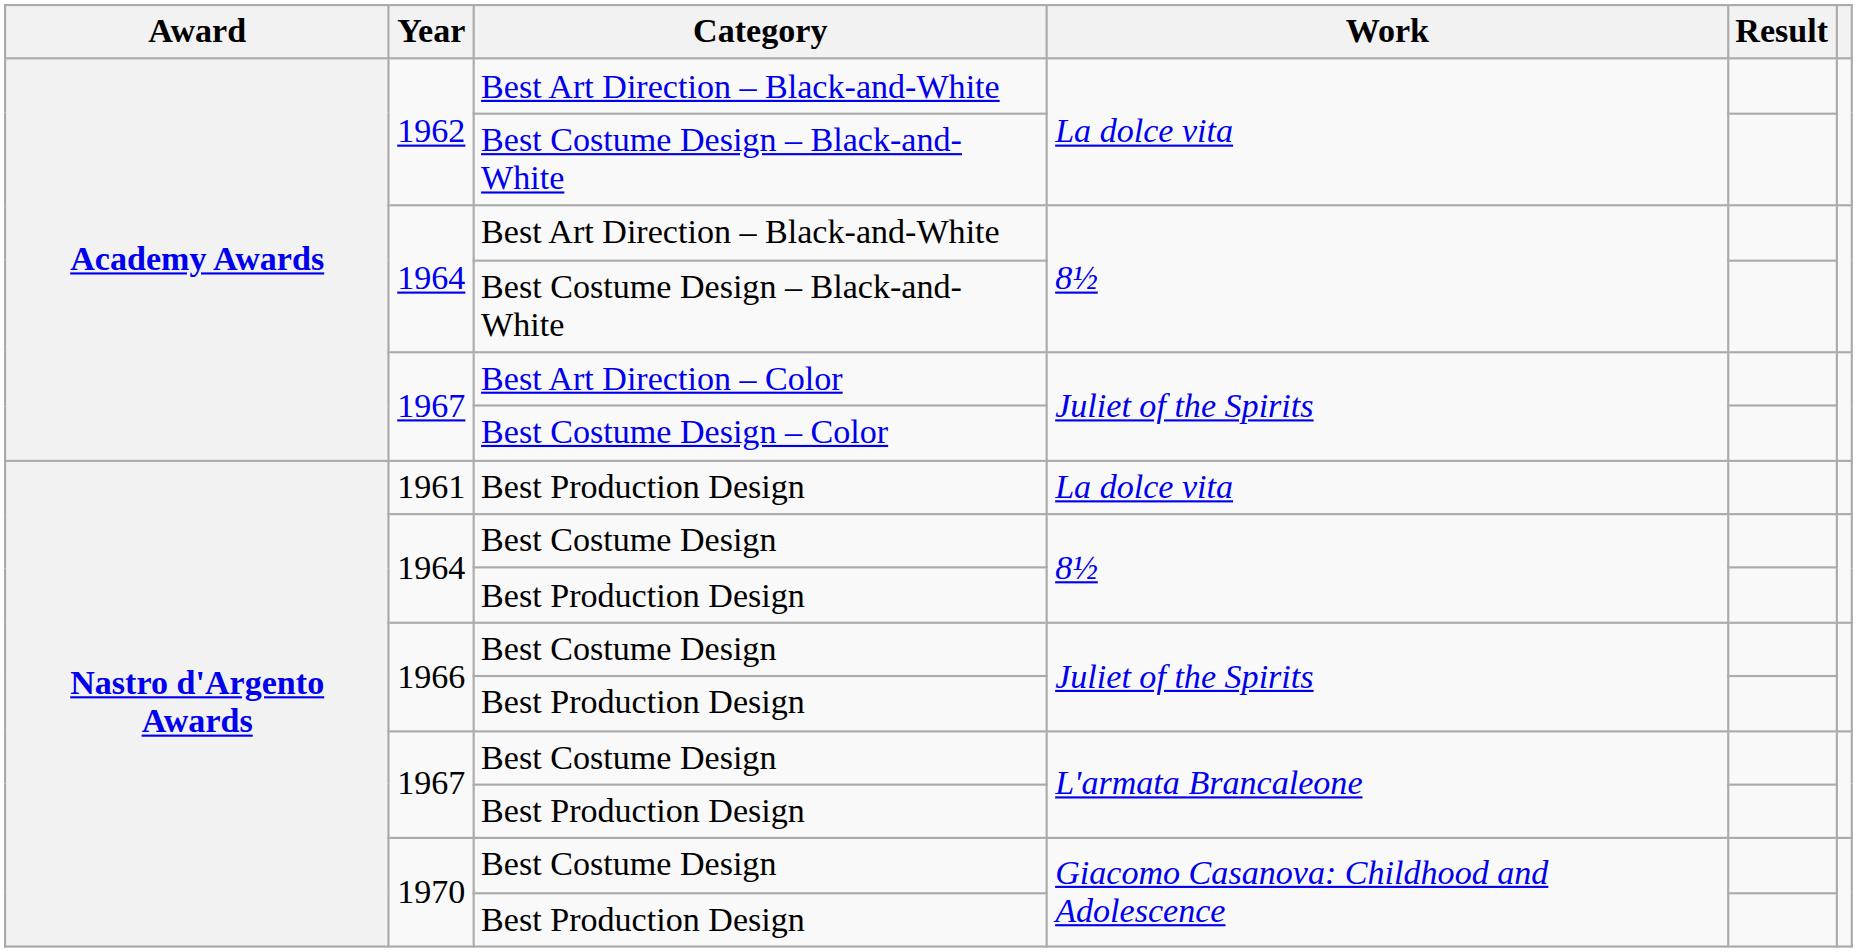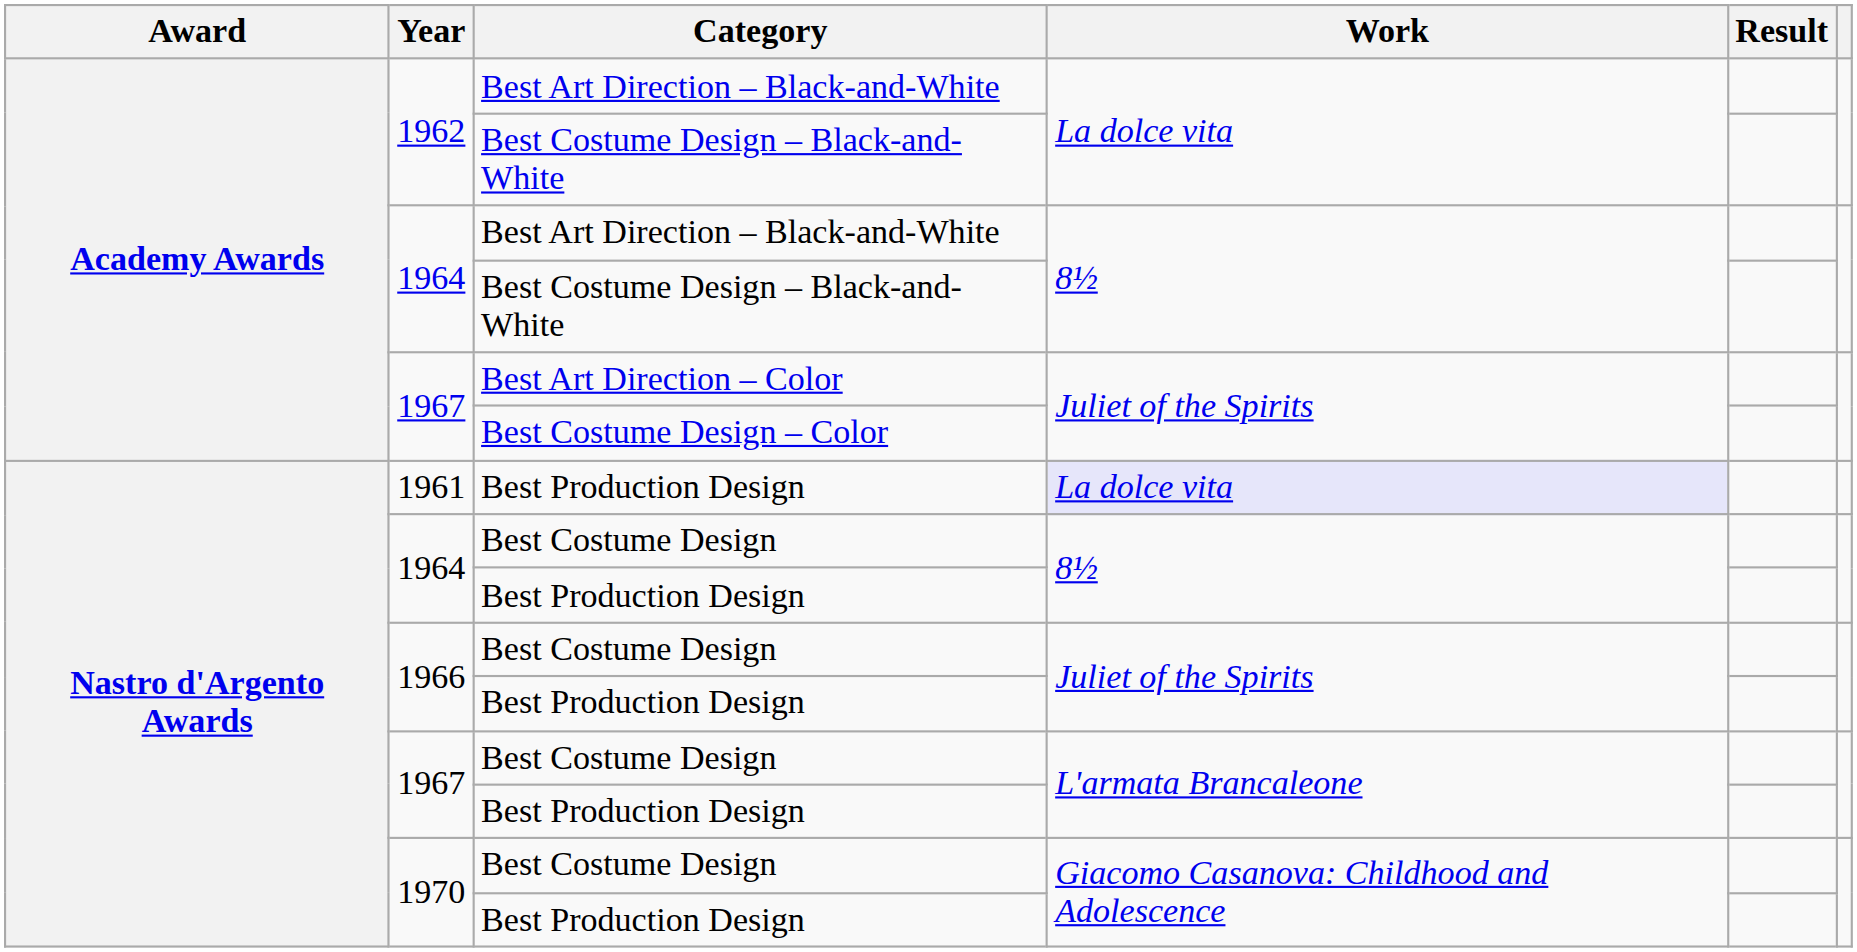 <table class="wikitable">
 <tr>
 <th>Award</th>
 <th>Year</th>
 <th>Category</th>
 <th>Work</th>
 <th>Result</th>
 <th class="unsortable"></th>
 </tr>
 <tr>
 <th rowspan="6" scope="row" style="text-align:center;"><a href='#'>Academy Awards</a></th>
 <td rowspan="2", style="text-align:center;"><a href='#'>1962</a></td>
 <td><a href='#'>Best Art Direction – Black-and-White</a></td>
 <td rowspan="2"><em><a href='#'>La dolce vita</a></em></td>
 <td></td>
 <td rowspan="2", style="text-align:center;"></td>
 </tr>
 <tr>
 <td><a href='#'>Best Costume Design – Black-and-White</a></td>
 <td></td>
 </tr>
 <tr>
 <td rowspan="2", style="text-align:center;"><a href='#'>1964</a></td>
 <td>Best Art Direction – Black-and-White</td>
 <td rowspan="2"><em><a href='#'>8½</a></em></td>
 <td></td>
 <td rowspan="2", style="text-align:center;"></td>
 </tr>
 <tr>
 <td>Best Costume Design – Black-and-White</td>
 <td></td>
 </tr>
 <tr>
 <td rowspan="2", style="text-align:center;"><a href='#'>1967</a></td>
 <td><a href='#'>Best Art Direction – Color</a></td>
 <td rowspan="2"><em><a href='#'>Juliet of the Spirits</a></em></td>
 <td></td>
 <td rowspan="2", style="text-align:center;"></td>
 </tr>
 <tr>
 <td><a href='#'>Best Costume Design – Color</a></td>
 <td></td>
 </tr>
 <tr>
 <th rowspan="9" scope="row" style="text-align:center;"><a href='#'>Nastro d'Argento Awards</a></th>
 <td style="text-align:center;">1961</td>
 <td>Best Production Design</td>
-<td><em><a href='#'>La dolce vita</a></em></td>
+<td style="background: lavender;"><em><a href='#'>La dolce vita</a></em></td>
 <td></td>
 <td style="text-align:center;"></td>
 </tr>
 <tr>
 <td rowspan="2", style="text-align:center;">1964</td>
 <td>Best Costume Design</td>
 <td rowspan="2"><em><a href='#'>8½</a></em></td>
 <td></td>
 <td rowspan="2", style="text-align:center;"></td>
 </tr>
 <tr>
 <td>Best Production Design</td>
 <td></td>
 </tr>
 <tr>
 <td rowspan="2", style="text-align:center;">1966</td>
 <td>Best Costume Design</td>
 <td rowspan="2"><em><a href='#'>Juliet of the Spirits</a></em></td>
 <td></td>
 <td rowspan="2", style="text-align:center;"></td>
 </tr>
 <tr>
 <td>Best Production Design</td>
 <td></td>
 </tr>
 <tr>
 <td rowspan="2", style="text-align:center;">1967</td>
 <td>Best Costume Design</td>
 <td rowspan="2"><em><a href='#'>L'armata Brancaleone</a></em></td>
 <td></td>
 <td rowspan="2", style="text-align:center;"></td>
 </tr>
 <tr>
 <td>Best Production Design</td>
 <td></td>
 </tr>
 <tr>
 <td rowspan="2", style="text-align:center;">1970</td>
 <td>Best Costume Design</td>
 <td rowspan="2"><em><a href='#'>Giacomo Casanova: Childhood and Adolescence</a></em></td>
 <td></td>
 <td rowspan="2", style="text-align:center;"></td>
 </tr>
 <tr>
 <td>Best Production Design</td>
 <td></td>
 </tr>
 </table>
